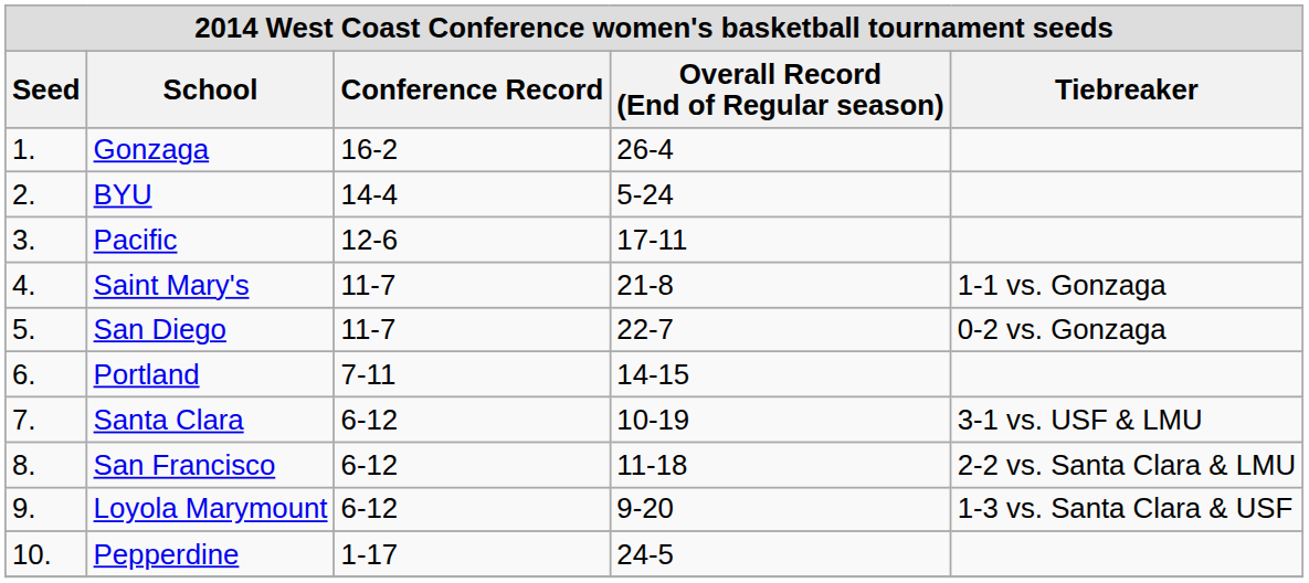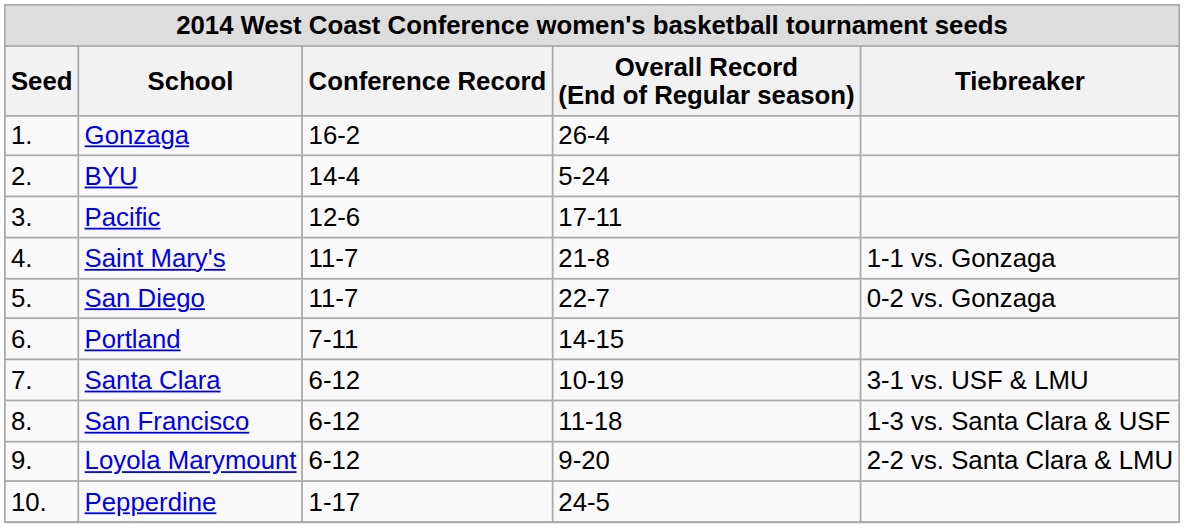 <table class="wikitable" style="white-space:nowrap; font-size:90%;">
 <tr>
 <td colspan="7" style="text-align:center; background:#DDDDDD; font:#000000"><strong>2014 West Coast Conference women's basketball tournament seeds</strong></td>
 </tr>
 <tr bgcolor="#efefef">
 <th>Seed</th>
 <th>School</th>
 <th>Conference Record</th>
 <th>Overall Record <br>(End of Regular season)</th>
 <th>Tiebreaker</th>
 </tr>
 <tr>
 <td>1.</td>
 <td><a href='#'>Gonzaga</a></td>
 <td>16-2</td>
 <td>26-4</td>
 <td></td>
 </tr>
 <tr>
 <td>2.</td>
 <td><a href='#'>BYU</a></td>
 <td>14-4</td>
 <td>5-24</td>
 <td></td>
 </tr>
 <tr>
 <td>3.</td>
 <td><a href='#'>Pacific</a></td>
 <td>12-6</td>
 <td>17-11</td>
 <td></td>
 </tr>
 <tr>
 <td>4.</td>
 <td><a href='#'>Saint Mary's</a></td>
 <td>11-7</td>
 <td>21-8</td>
 <td>1-1 vs. Gonzaga</td>
 </tr>
 <tr>
 <td>5.</td>
 <td><a href='#'>San Diego</a></td>
 <td>11-7</td>
 <td>22-7</td>
 <td>0-2 vs. Gonzaga</td>
 </tr>
 <tr>
 <td>6.</td>
 <td><a href='#'>Portland</a></td>
 <td>7-11</td>
 <td>14-15</td>
 <td></td>
 </tr>
 <tr>
 <td>7.</td>
 <td><a href='#'>Santa Clara</a></td>
 <td>6-12</td>
 <td>10-19</td>
 <td>3-1 vs. USF & LMU</td>
 </tr>
 <tr>
 <td>8.</td>
 <td><a href='#'>San Francisco</a></td>
 <td>6-12</td>
 <td>11-18</td>
-<td>2-2 vs. Santa Clara & LMU</td>
+<td>1-3 vs. Santa Clara & USF</td>
 </tr>
 <tr>
 <td>9.</td>
 <td><a href='#'>Loyola Marymount</a></td>
 <td>6-12</td>
 <td>9-20</td>
-<td>1-3 vs. Santa Clara & USF</td>
+<td>2-2 vs. Santa Clara & LMU</td>
 </tr>
 <tr>
 <td>10.</td>
 <td><a href='#'>Pepperdine</a></td>
 <td>1-17</td>
 <td>24-5</td>
 <td></td>
 </tr>
 <tr>
 </tr>
 </table>
